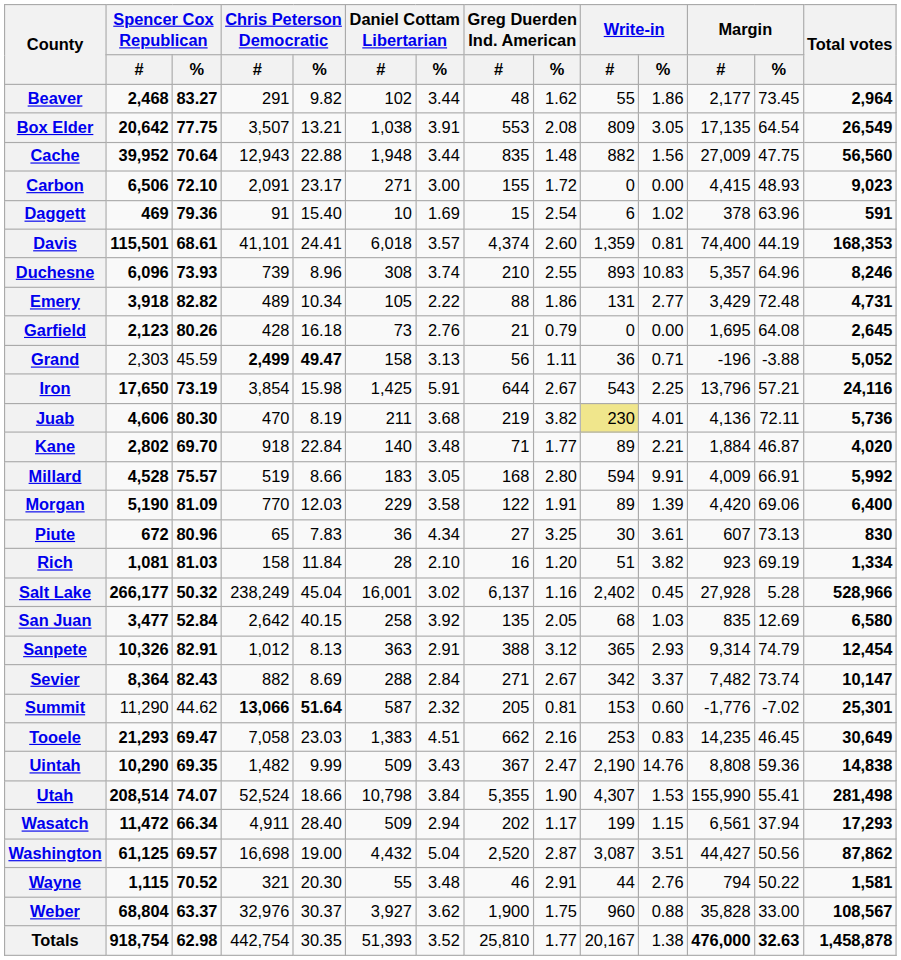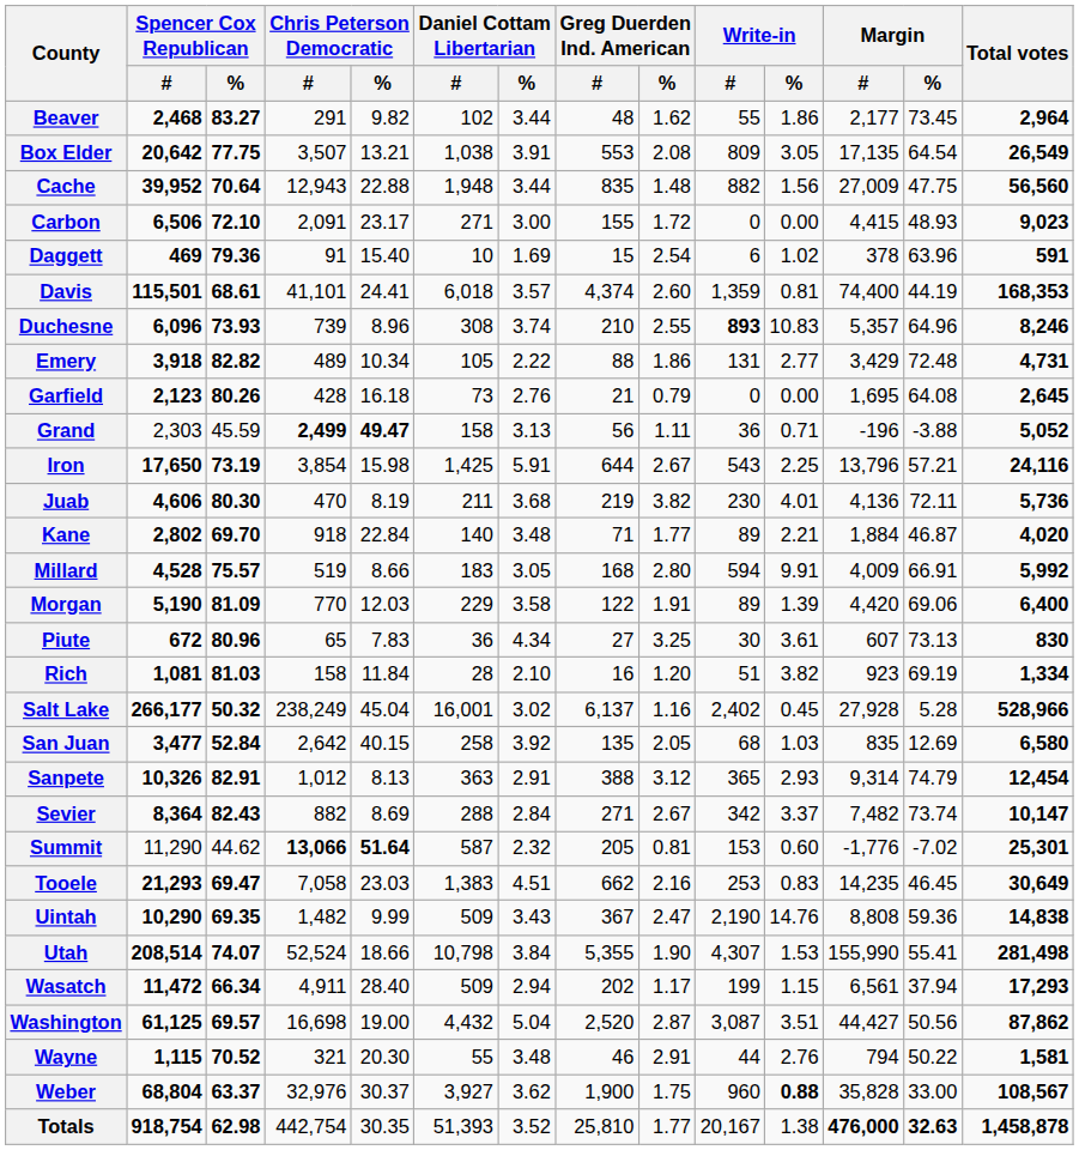 <table class="wikitable sortable" style="text-align:right;font-size:90%;line-height:1.3">
 <tr>
 <th rowspan="2">County</th>
 <th colspan="2"><a href='#'>Spencer Cox</a><br><a href='#'>Republican</a></th>
 <th colspan="2"><a href='#'>Chris Peterson</a><br><a href='#'>Democratic</a></th>
 <th colspan="2">Daniel Cottam<br><a href='#'>Libertarian</a></th>
 <th colspan="2">Greg Duerden<br>Ind. American</th>
 <th colspan="2"><a href='#'>Write-in</a></th>
 <th colspan="2">Margin</th>
 <th rowspan="2">Total votes</th>
 </tr>
 <tr>
 <th data-sort-type="number">#</th>
 <th data-sort-type="number">%</th>
 <th data-sort-type="number">#</th>
 <th data-sort-type="number">%</th>
 <th data-sort-type="number">#</th>
 <th data-sort-type="number">%</th>
 <th data-sort-type="number">#</th>
 <th data-sort-type="number">%</th>
 <th data-sort-type="number">#</th>
 <th data-sort-type="number">%</th>
 <th data-sort-type="number">#</th>
 <th data-sort-type="number">%</th>
 </tr>
 <tr>
 <th><strong><a href='#'>Beaver</a></strong></th>
 <td><strong>2,468</strong></td>
 <td><strong>83.27</strong></td>
 <td>291</td>
 <td>9.82</td>
 <td>102</td>
 <td>3.44</td>
 <td>48</td>
 <td>1.62</td>
 <td>55</td>
 <td>1.86</td>
 <td>2,177</td>
 <td>73.45</td>
 <td><strong>2,964</strong></td>
 </tr>
 <tr>
 <th><strong><a href='#'>Box Elder</a></strong></th>
 <td><strong>20,642</strong></td>
 <td><strong>77.75</strong></td>
 <td>3,507</td>
 <td>13.21</td>
 <td>1,038</td>
 <td>3.91</td>
 <td>553</td>
 <td>2.08</td>
 <td>809</td>
 <td>3.05</td>
 <td>17,135</td>
 <td>64.54</td>
 <td><strong>26,549</strong></td>
 </tr>
 <tr>
 <th><strong><a href='#'>Cache</a></strong></th>
 <td><strong>39,952</strong></td>
 <td><strong>70.64</strong></td>
 <td>12,943</td>
 <td>22.88</td>
 <td>1,948</td>
 <td>3.44</td>
 <td>835</td>
 <td>1.48</td>
 <td>882</td>
 <td>1.56</td>
 <td>27,009</td>
 <td>47.75</td>
 <td><strong>56,560</strong></td>
 </tr>
 <tr>
 <th><strong><a href='#'>Carbon</a></strong></th>
 <td><strong>6,506</strong></td>
 <td><strong>72.10</strong></td>
 <td>2,091</td>
 <td>23.17</td>
 <td>271</td>
 <td>3.00</td>
 <td>155</td>
 <td>1.72</td>
 <td>0</td>
 <td>0.00</td>
 <td>4,415</td>
 <td>48.93</td>
 <td><strong>9,023</strong></td>
 </tr>
 <tr>
 <th><strong><a href='#'>Daggett</a></strong></th>
 <td><strong>469</strong></td>
 <td><strong>79.36</strong></td>
 <td>91</td>
 <td>15.40</td>
 <td>10</td>
 <td>1.69</td>
 <td>15</td>
 <td>2.54</td>
 <td>6</td>
 <td>1.02</td>
 <td>378</td>
 <td>63.96</td>
 <td><strong>591</strong></td>
 </tr>
 <tr>
 <th><strong><a href='#'>Davis</a></strong></th>
 <td><strong>115,501</strong></td>
 <td><strong>68.61</strong></td>
 <td>41,101</td>
 <td>24.41</td>
 <td>6,018</td>
 <td>3.57</td>
 <td>4,374</td>
 <td>2.60</td>
 <td>1,359</td>
 <td>0.81</td>
 <td>74,400</td>
 <td>44.19</td>
 <td><strong>168,353</strong></td>
 </tr>
 <tr>
 <th><strong><a href='#'>Duchesne</a></strong></th>
 <td><strong>6,096</strong></td>
 <td><strong>73.93</strong></td>
 <td>739</td>
 <td>8.96</td>
 <td>308</td>
 <td>3.74</td>
 <td>210</td>
 <td>2.55</td>
-<td>893</td>
+<td><strong>893</strong></td>
 <td>10.83</td>
 <td>5,357</td>
 <td>64.96</td>
 <td><strong>8,246</strong></td>
 </tr>
 <tr>
 <th><strong><a href='#'>Emery</a></strong></th>
 <td><strong>3,918</strong></td>
 <td><strong>82.82</strong></td>
 <td>489</td>
 <td>10.34</td>
 <td>105</td>
 <td>2.22</td>
 <td>88</td>
 <td>1.86</td>
 <td>131</td>
 <td>2.77</td>
 <td>3,429</td>
 <td>72.48</td>
 <td><strong>4,731</strong></td>
 </tr>
 <tr>
 <th><strong><a href='#'>Garfield</a></strong></th>
 <td><strong>2,123</strong></td>
 <td><strong>80.26</strong></td>
 <td>428</td>
 <td>16.18</td>
 <td>73</td>
 <td>2.76</td>
 <td>21</td>
 <td>0.79</td>
 <td>0</td>
 <td>0.00</td>
 <td>1,695</td>
 <td>64.08</td>
 <td><strong>2,645</strong></td>
 </tr>
 <tr>
 <th><strong><a href='#'>Grand</a></strong></th>
 <td>2,303</td>
 <td>45.59</td>
 <td><strong>2,499</strong></td>
 <td><strong>49.47</strong></td>
 <td>158</td>
 <td>3.13</td>
 <td>56</td>
 <td>1.11</td>
 <td>36</td>
 <td>0.71</td>
 <td>-196</td>
 <td>-3.88</td>
 <td><strong>5,052</strong></td>
 </tr>
 <tr>
 <th><strong><a href='#'>Iron</a></strong></th>
 <td><strong>17,650</strong></td>
 <td><strong>73.19</strong></td>
 <td>3,854</td>
 <td>15.98</td>
 <td>1,425</td>
 <td>5.91</td>
 <td>644</td>
 <td>2.67</td>
 <td>543</td>
 <td>2.25</td>
 <td>13,796</td>
 <td>57.21</td>
 <td><strong>24,116</strong></td>
 </tr>
 <tr>
 <th><strong><a href='#'>Juab</a></strong></th>
 <td><strong>4,606</strong></td>
 <td><strong>80.30</strong></td>
 <td>470</td>
 <td>8.19</td>
 <td>211</td>
 <td>3.68</td>
 <td>219</td>
 <td>3.82</td>
-<td style="background: khaki;">230</td>
+<td>230</td>
 <td>4.01</td>
 <td>4,136</td>
 <td>72.11</td>
 <td><strong>5,736</strong></td>
 </tr>
 <tr>
 <th><strong><a href='#'>Kane</a></strong></th>
 <td><strong>2,802</strong></td>
 <td><strong>69.70</strong></td>
 <td>918</td>
 <td>22.84</td>
 <td>140</td>
 <td>3.48</td>
 <td>71</td>
 <td>1.77</td>
 <td>89</td>
 <td>2.21</td>
 <td>1,884</td>
 <td>46.87</td>
 <td><strong>4,020</strong></td>
 </tr>
 <tr>
 <th><strong><a href='#'>Millard</a></strong></th>
 <td><strong>4,528</strong></td>
 <td><strong>75.57</strong></td>
 <td>519</td>
 <td>8.66</td>
 <td>183</td>
 <td>3.05</td>
 <td>168</td>
 <td>2.80</td>
 <td>594</td>
 <td>9.91</td>
 <td>4,009</td>
 <td>66.91</td>
 <td><strong>5,992</strong></td>
 </tr>
 <tr>
 <th><strong><a href='#'>Morgan</a></strong></th>
 <td><strong>5,190</strong></td>
 <td><strong>81.09</strong></td>
 <td>770</td>
 <td>12.03</td>
 <td>229</td>
 <td>3.58</td>
 <td>122</td>
 <td>1.91</td>
 <td>89</td>
 <td>1.39</td>
 <td>4,420</td>
 <td>69.06</td>
 <td><strong>6,400</strong></td>
 </tr>
 <tr>
 <th><strong><a href='#'>Piute</a></strong></th>
 <td><strong>672</strong></td>
 <td><strong>80.96</strong></td>
 <td>65</td>
 <td>7.83</td>
 <td>36</td>
 <td>4.34</td>
 <td>27</td>
 <td>3.25</td>
 <td>30</td>
 <td>3.61</td>
 <td>607</td>
 <td>73.13</td>
 <td><strong>830</strong></td>
 </tr>
 <tr>
 <th><strong><a href='#'>Rich</a></strong></th>
 <td><strong>1,081</strong></td>
 <td><strong>81.03</strong></td>
 <td>158</td>
 <td>11.84</td>
 <td>28</td>
 <td>2.10</td>
 <td>16</td>
 <td>1.20</td>
 <td>51</td>
 <td>3.82</td>
 <td>923</td>
 <td>69.19</td>
 <td><strong>1,334</strong></td>
 </tr>
 <tr>
 <th><strong><a href='#'>Salt Lake</a></strong></th>
 <td><strong>266,177</strong></td>
 <td><strong>50.32</strong></td>
 <td>238,249</td>
 <td>45.04</td>
 <td>16,001</td>
 <td>3.02</td>
 <td>6,137</td>
 <td>1.16</td>
 <td>2,402</td>
 <td>0.45</td>
 <td>27,928</td>
 <td>5.28</td>
 <td><strong>528,966</strong></td>
 </tr>
 <tr>
 <th><strong><a href='#'>San Juan</a></strong></th>
 <td><strong>3,477</strong></td>
 <td><strong>52.84</strong></td>
 <td>2,642</td>
 <td>40.15</td>
 <td>258</td>
 <td>3.92</td>
 <td>135</td>
 <td>2.05</td>
 <td>68</td>
 <td>1.03</td>
 <td>835</td>
 <td>12.69</td>
 <td><strong>6,580</strong></td>
 </tr>
 <tr>
 <th><strong><a href='#'>Sanpete</a></strong></th>
 <td><strong>10,326</strong></td>
 <td><strong>82.91</strong></td>
 <td>1,012</td>
 <td>8.13</td>
 <td>363</td>
 <td>2.91</td>
 <td>388</td>
 <td>3.12</td>
 <td>365</td>
 <td>2.93</td>
 <td>9,314</td>
 <td>74.79</td>
 <td><strong>12,454</strong></td>
 </tr>
 <tr>
 <th><strong><a href='#'>Sevier</a></strong></th>
 <td><strong>8,364</strong></td>
 <td><strong>82.43</strong></td>
 <td>882</td>
 <td>8.69</td>
 <td>288</td>
 <td>2.84</td>
 <td>271</td>
 <td>2.67</td>
 <td>342</td>
 <td>3.37</td>
 <td>7,482</td>
 <td>73.74</td>
 <td><strong>10,147</strong></td>
 </tr>
 <tr>
 <th><strong><a href='#'>Summit</a></strong></th>
 <td>11,290</td>
 <td>44.62</td>
 <td><strong>13,066</strong></td>
 <td><strong>51.64</strong></td>
 <td>587</td>
 <td>2.32</td>
 <td>205</td>
 <td>0.81</td>
 <td>153</td>
 <td>0.60</td>
 <td>-1,776</td>
 <td>-7.02</td>
 <td><strong>25,301</strong></td>
 </tr>
 <tr>
 <th><strong><a href='#'>Tooele</a></strong></th>
 <td><strong>21,293</strong></td>
 <td><strong>69.47</strong></td>
 <td>7,058</td>
 <td>23.03</td>
 <td>1,383</td>
 <td>4.51</td>
 <td>662</td>
 <td>2.16</td>
 <td>253</td>
 <td>0.83</td>
 <td>14,235</td>
 <td>46.45</td>
 <td><strong>30,649</strong></td>
 </tr>
 <tr>
 <th><strong><a href='#'>Uintah</a></strong></th>
 <td><strong>10,290</strong></td>
 <td><strong>69.35</strong></td>
 <td>1,482</td>
 <td>9.99</td>
 <td>509</td>
 <td>3.43</td>
 <td>367</td>
 <td>2.47</td>
 <td>2,190</td>
 <td>14.76</td>
 <td>8,808</td>
 <td>59.36</td>
 <td><strong>14,838</strong></td>
 </tr>
 <tr>
 <th><strong><a href='#'>Utah</a></strong></th>
 <td><strong>208,514</strong></td>
 <td><strong>74.07</strong></td>
 <td>52,524</td>
 <td>18.66</td>
 <td>10,798</td>
 <td>3.84</td>
 <td>5,355</td>
 <td>1.90</td>
 <td>4,307</td>
 <td>1.53</td>
 <td>155,990</td>
 <td>55.41</td>
 <td><strong>281,498</strong></td>
 </tr>
 <tr>
 <th><strong><a href='#'>Wasatch</a></strong></th>
 <td><strong>11,472</strong></td>
 <td><strong>66.34</strong></td>
 <td>4,911</td>
 <td>28.40</td>
 <td>509</td>
 <td>2.94</td>
 <td>202</td>
 <td>1.17</td>
 <td>199</td>
 <td>1.15</td>
 <td>6,561</td>
 <td>37.94</td>
 <td><strong>17,293</strong></td>
 </tr>
 <tr>
 <th><strong><a href='#'>Washington</a></strong></th>
 <td><strong>61,125</strong></td>
 <td><strong>69.57</strong></td>
 <td>16,698</td>
 <td>19.00</td>
 <td>4,432</td>
 <td>5.04</td>
 <td>2,520</td>
 <td>2.87</td>
 <td>3,087</td>
 <td>3.51</td>
 <td>44,427</td>
 <td>50.56</td>
 <td><strong>87,862</strong></td>
 </tr>
 <tr>
 <th><strong><a href='#'>Wayne</a></strong></th>
 <td><strong>1,115</strong></td>
 <td><strong>70.52</strong></td>
 <td>321</td>
 <td>20.30</td>
 <td>55</td>
 <td>3.48</td>
 <td>46</td>
 <td>2.91</td>
 <td>44</td>
 <td>2.76</td>
 <td>794</td>
 <td>50.22</td>
 <td><strong>1,581</strong></td>
 </tr>
 <tr>
 <th><strong><a href='#'>Weber</a></strong></th>
 <td><strong>68,804</strong></td>
 <td><strong>63.37</strong></td>
 <td>32,976</td>
 <td>30.37</td>
 <td>3,927</td>
 <td>3.62</td>
 <td>1,900</td>
 <td>1.75</td>
 <td>960</td>
-<td>0.88</td>
+<td><strong>0.88</strong></td>
 <td>35,828</td>
 <td>33.00</td>
 <td><strong>108,567</strong></td>
 </tr>
 <tr class="sortbottom">
 <th>Totals</th>
 <td><strong>918,754</strong></td>
 <td><strong>62.98</strong></td>
 <td>442,754</td>
 <td>30.35</td>
 <td>51,393</td>
 <td>3.52</td>
 <td>25,810</td>
 <td>1.77</td>
 <td>20,167</td>
 <td>1.38</td>
 <td><strong>476,000</strong></td>
 <td><strong>32.63</strong></td>
 <td><strong>1,458,878</strong></td>
 </tr>
 </table>
